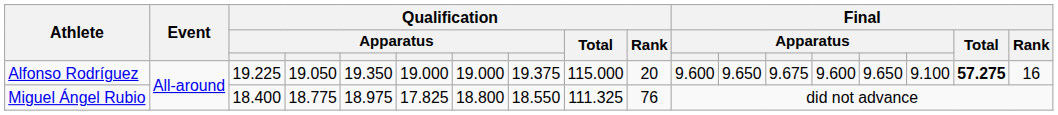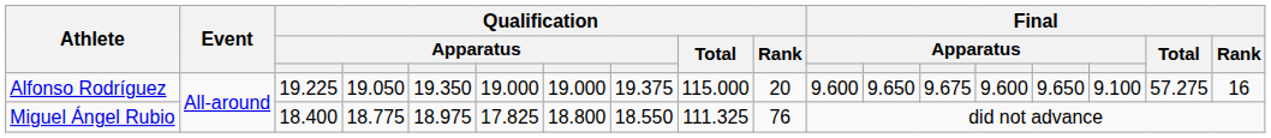 <table class="wikitable" style="font-size:90%">
 <tr>
 <th rowspan=3>Athlete</th>
 <th rowspan=3>Event</th>
 <th colspan=8>Qualification</th>
 <th colspan=8>Final</th>
 </tr>
 <tr style="font-size:95%">
 <th colspan=6>Apparatus</th>
 <th rowspan=2>Total</th>
 <th rowspan=2>Rank</th>
 <th colspan=6>Apparatus</th>
 <th rowspan=2>Total</th>
 <th rowspan=2>Rank</th>
 </tr>
 <tr style="font-size:95%">
 <th></th>
 <th></th>
 <th></th>
 <th></th>
 <th></th>
 <th></th>
 <th></th>
 <th></th>
 <th></th>
 <th></th>
 <th></th>
 <th></th>
 </tr>
 <tr align=center>
 <td align=left><a href='#'>Alfonso Rodríguez</a></td>
 <td align=left rowspan=2><a href='#'>All-around</a></td>
 <td>19.225</td>
 <td>19.050</td>
 <td>19.350</td>
 <td>19.000</td>
 <td>19.000</td>
 <td>19.375</td>
 <td>115.000</td>
 <td>20</td>
 <td>9.600</td>
 <td>9.650</td>
 <td>9.675</td>
 <td>9.600</td>
 <td>9.650</td>
 <td>9.100</td>
-<td><strong>57.275</strong></td>
+<td>57.275</td>
 <td>16</td>
 </tr>
 <tr align=center>
 <td align=left><a href='#'>Miguel Ángel Rubio</a></td>
 <td>18.400</td>
 <td>18.775</td>
 <td>18.975</td>
 <td>17.825</td>
 <td>18.800</td>
 <td>18.550</td>
 <td>111.325</td>
 <td>76</td>
 <td colspan=8>did not advance</td>
 </tr>
 </table>
